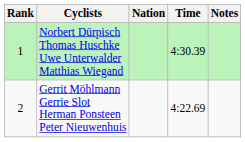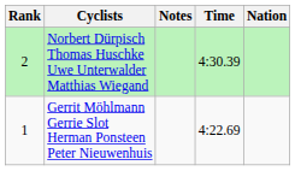 <table class="wikitable sortable" style=text-align:center>
 <tr>
 <th>Rank</th>
 <th>Cyclists</th>
+<th>Notes</th>
+<th>Time</th>
 <th>Nation</th>
-<th>Time</th>
-<th>Notes</th>
 </tr>
 <tr bgcolor=bbf3bb>
-<td>1</td>
+<td>2</td>
 <td align=left><a href='#'>Norbert Dürpisch</a><br><a href='#'>Thomas Huschke</a><br><a href='#'>Uwe Unterwalder</a><br><a href='#'>Matthias Wiegand</a></td>
+<td></td>
+<td>4:30.39</td>
 <td align=left></td>
-<td>4:30.39</td>
-<td></td>
 </tr>
 <tr>
-<td>2</td>
+<td>1</td>
 <td align=left><a href='#'>Gerrit Möhlmann</a><br><a href='#'>Gerrie Slot</a><br><a href='#'>Herman Ponsteen</a><br><a href='#'>Peter Nieuwenhuis</a></td>
+<td></td>
+<td>4:22.69</td>
 <td align=left></td>
-<td>4:22.69</td>
-<td></td>
 </tr>
 </table>
